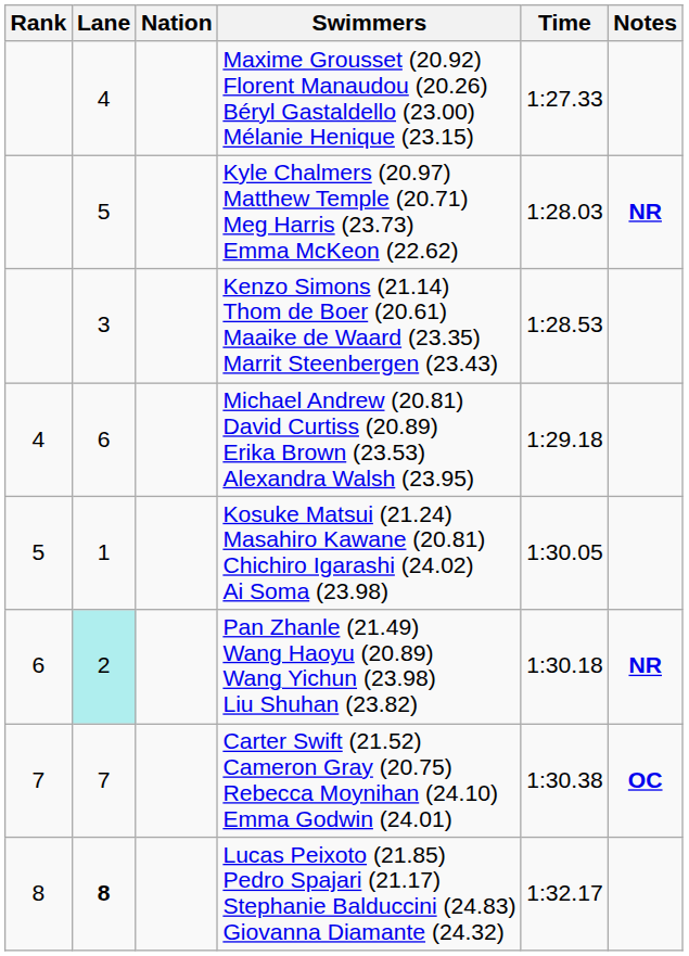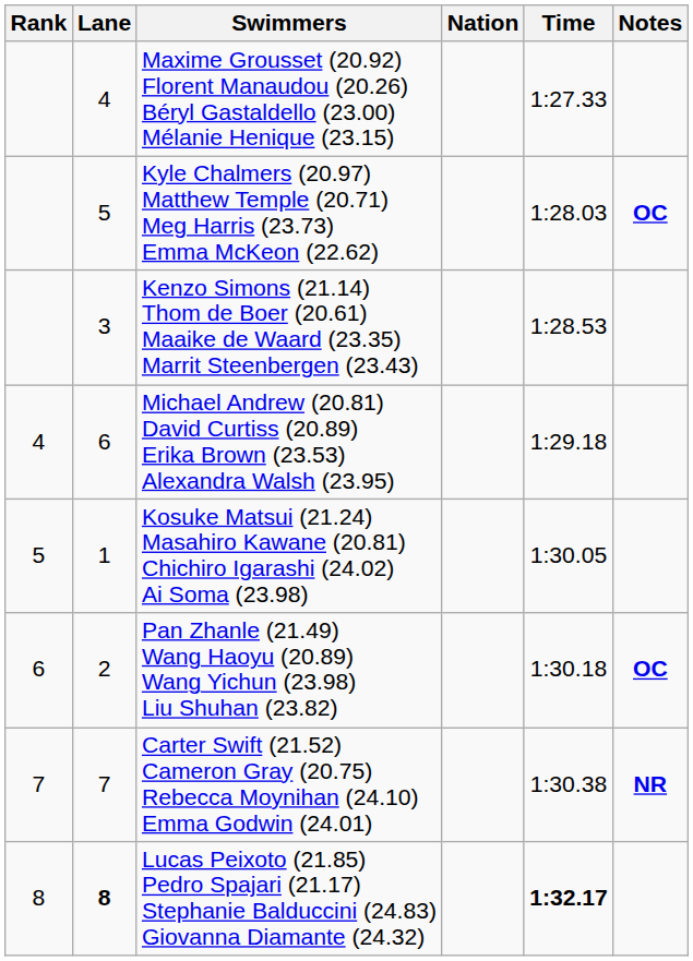 <table class="wikitable sortable" style="text-align:center">
 <tr>
 <th>Rank</th>
 <th>Lane</th>
+<th>Swimmers</th>
 <th>Nation</th>
-<th>Swimmers</th>
 <th>Time</th>
 <th>Notes</th>
 </tr>
 <tr>
 <td></td>
 <td>4</td>
+<td align=left><a href='#'>Maxime Grousset</a> (20.92)<br><a href='#'>Florent Manaudou</a> (20.26)<br><a href='#'>Béryl Gastaldello</a> (23.00)<br><a href='#'>Mélanie Henique</a> (23.15)</td>
 <td align=left></td>
-<td align=left><a href='#'>Maxime Grousset</a> (20.92)<br><a href='#'>Florent Manaudou</a> (20.26)<br><a href='#'>Béryl Gastaldello</a> (23.00)<br><a href='#'>Mélanie Henique</a> (23.15)</td>
 <td>1:27.33</td>
 <td></td>
 </tr>
 <tr>
 <td></td>
 <td>5</td>
+<td align=left><a href='#'>Kyle Chalmers</a> (20.97)<br><a href='#'>Matthew Temple</a> (20.71)<br><a href='#'>Meg Harris</a> (23.73)<br><a href='#'>Emma McKeon</a> (22.62)</td>
 <td align=left></td>
-<td align=left><a href='#'>Kyle Chalmers</a> (20.97)<br><a href='#'>Matthew Temple</a> (20.71)<br><a href='#'>Meg Harris</a> (23.73)<br><a href='#'>Emma McKeon</a> (22.62)</td>
 <td>1:28.03</td>
-<td><strong><a href='#'>NR</a></strong></td>
+<td><strong><a href='#'>OC</a></strong></td>
 </tr>
 <tr>
 <td></td>
 <td>3</td>
+<td align=left><a href='#'>Kenzo Simons</a> (21.14)<br><a href='#'>Thom de Boer</a> (20.61)<br><a href='#'>Maaike de Waard</a> (23.35)<br><a href='#'>Marrit Steenbergen</a> (23.43)</td>
 <td align=left></td>
-<td align=left><a href='#'>Kenzo Simons</a> (21.14)<br><a href='#'>Thom de Boer</a> (20.61)<br><a href='#'>Maaike de Waard</a> (23.35)<br><a href='#'>Marrit Steenbergen</a> (23.43)</td>
 <td>1:28.53</td>
 <td></td>
 </tr>
 <tr>
 <td>4</td>
 <td>6</td>
+<td align=left><a href='#'>Michael Andrew</a> (20.81)<br><a href='#'>David Curtiss</a> (20.89)<br><a href='#'>Erika Brown</a> (23.53)<br><a href='#'>Alexandra Walsh</a> (23.95)</td>
 <td align=left></td>
-<td align=left><a href='#'>Michael Andrew</a> (20.81)<br><a href='#'>David Curtiss</a> (20.89)<br><a href='#'>Erika Brown</a> (23.53)<br><a href='#'>Alexandra Walsh</a> (23.95)</td>
 <td>1:29.18</td>
 <td></td>
 </tr>
 <tr>
 <td>5</td>
 <td>1</td>
+<td align=left><a href='#'>Kosuke Matsui</a> (21.24)<br><a href='#'>Masahiro Kawane</a> (20.81)<br><a href='#'>Chichiro Igarashi</a> (24.02)<br><a href='#'>Ai Soma</a> (23.98)</td>
 <td align=left></td>
-<td align=left><a href='#'>Kosuke Matsui</a> (21.24)<br><a href='#'>Masahiro Kawane</a> (20.81)<br><a href='#'>Chichiro Igarashi</a> (24.02)<br><a href='#'>Ai Soma</a> (23.98)</td>
 <td>1:30.05</td>
 <td></td>
 </tr>
 <tr>
 <td>6</td>
-<td style="background: paleturquoise;">2</td>
+<td>2</td>
+<td align=left><a href='#'>Pan Zhanle</a> (21.49)<br><a href='#'>Wang Haoyu</a> (20.89)<br><a href='#'>Wang Yichun</a> (23.98)<br><a href='#'>Liu Shuhan</a> (23.82)</td>
 <td align=left></td>
-<td align=left><a href='#'>Pan Zhanle</a> (21.49)<br><a href='#'>Wang Haoyu</a> (20.89)<br><a href='#'>Wang Yichun</a> (23.98)<br><a href='#'>Liu Shuhan</a> (23.82)</td>
 <td>1:30.18</td>
-<td><strong><a href='#'>NR</a></strong></td>
+<td><strong><a href='#'>OC</a></strong></td>
 </tr>
 <tr>
 <td>7</td>
 <td>7</td>
+<td align=left><a href='#'>Carter Swift</a> (21.52)<br><a href='#'>Cameron Gray</a> (20.75)<br><a href='#'>Rebecca Moynihan</a> (24.10)<br><a href='#'>Emma Godwin</a> (24.01)</td>
 <td align=left></td>
-<td align=left><a href='#'>Carter Swift</a> (21.52)<br><a href='#'>Cameron Gray</a> (20.75)<br><a href='#'>Rebecca Moynihan</a> (24.10)<br><a href='#'>Emma Godwin</a> (24.01)</td>
 <td>1:30.38</td>
-<td><strong><a href='#'>OC</a></strong></td>
+<td><strong><a href='#'>NR</a></strong></td>
 </tr>
 <tr>
 <td>8</td>
 <td><strong>8</strong></td>
+<td align=left><a href='#'>Lucas Peixoto</a> (21.85)<br><a href='#'>Pedro Spajari</a> (21.17)<br><a href='#'>Stephanie Balduccini</a> (24.83)<br><a href='#'>Giovanna Diamante</a> (24.32)</td>
 <td align=left></td>
-<td align=left><a href='#'>Lucas Peixoto</a> (21.85)<br><a href='#'>Pedro Spajari</a> (21.17)<br><a href='#'>Stephanie Balduccini</a> (24.83)<br><a href='#'>Giovanna Diamante</a> (24.32)</td>
-<td>1:32.17</td>
+<td><strong>1:32.17</strong></td>
 <td></td>
 </tr>
 </table>
